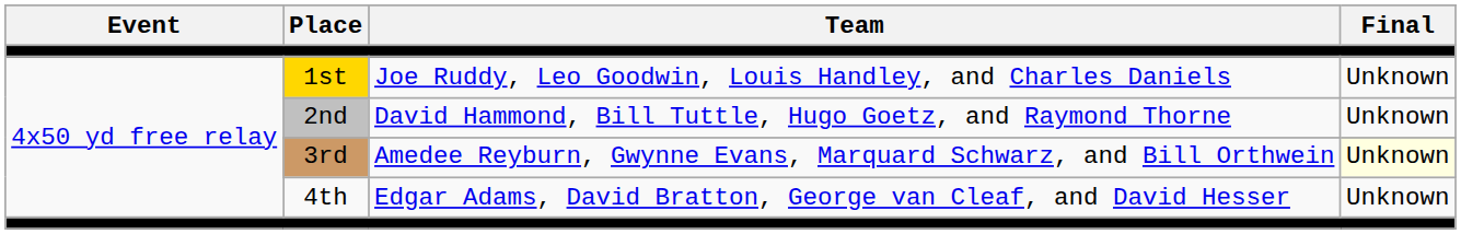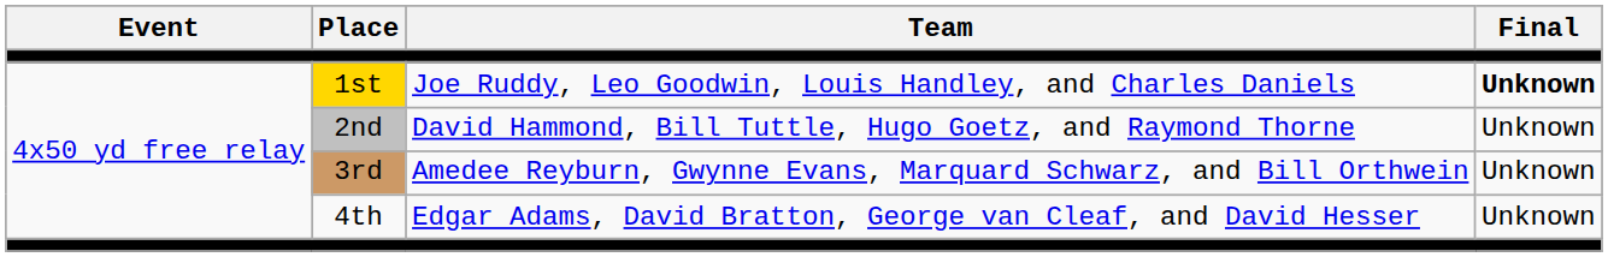 <table class=wikitable style="text-align:center">
 <tr>
 <th>Event</th>
 <th>Place</th>
 <th>Team</th>
 <th>Final</th>
 </tr>
 <tr bgcolor=black>
 <td colspan=4></td>
 </tr>
 <tr>
 <td rowspan=4><a href='#'>4x50 yd free relay</a></td>
 <td bgcolor=gold>1st</td>
 <td align=left><a href='#'>Joe Ruddy</a>, <a href='#'>Leo Goodwin</a>, <a href='#'>Louis Handley</a>, and <a href='#'>Charles Daniels</a></td>
-<td>Unknown</td>
+<td><strong>Unknown</strong></td>
 </tr>
 <tr>
 <td bgcolor=silver>2nd</td>
 <td align=left><a href='#'>David Hammond</a>, <a href='#'>Bill Tuttle</a>, <a href='#'>Hugo Goetz</a>, and <a href='#'>Raymond Thorne</a></td>
 <td>Unknown</td>
 </tr>
 <tr>
 <td bgcolor=cc9966>3rd</td>
 <td align=left><a href='#'>Amedee Reyburn</a>, <a href='#'>Gwynne Evans</a>, <a href='#'>Marquard Schwarz</a>, and <a href='#'>Bill Orthwein</a></td>
-<td style="background: lightyellow;">Unknown</td>
+<td>Unknown</td>
 </tr>
 <tr>
 <td>4th</td>
 <td align=left><a href='#'>Edgar Adams</a>, <a href='#'>David Bratton</a>, <a href='#'>George van Cleaf</a>, and <a href='#'>David Hesser</a></td>
 <td>Unknown</td>
 </tr>
 <tr bgcolor=black>
 <td colspan=4></td>
 </tr>
 </table>
